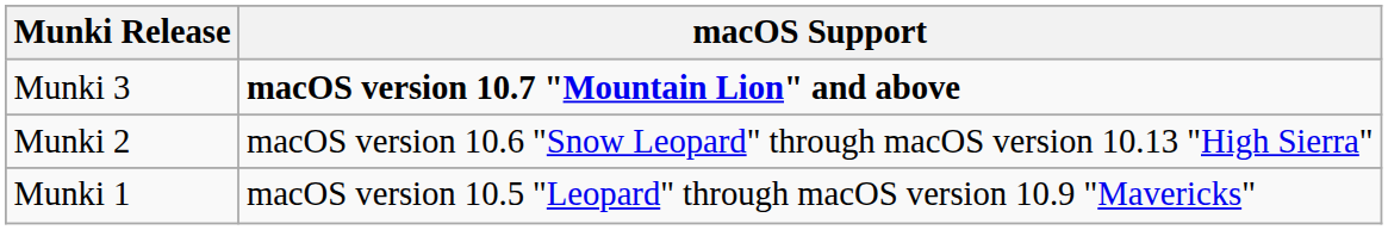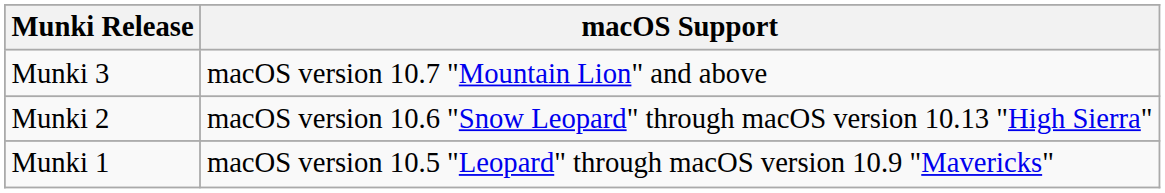 <table class="wikitable">
 <tr>
 <th>Munki Release</th>
 <th>macOS Support</th>
 </tr>
 <tr>
 <td>Munki 3</td>
-<td><strong>macOS version 10.7 "<a href='#'>Mountain Lion</a>" and above</strong></td>
+<td>macOS version 10.7 "<a href='#'>Mountain Lion</a>" and above</td>
 </tr>
 <tr>
 <td>Munki 2</td>
 <td>macOS version 10.6 "<a href='#'>Snow Leopard</a>" through macOS version 10.13 "<a href='#'>High Sierra</a>"</td>
 </tr>
 <tr>
 <td>Munki 1</td>
 <td>macOS version 10.5 "<a href='#'>Leopard</a>" through macOS version 10.9 "<a href='#'>Mavericks</a>"</td>
 </tr>
 </table>
